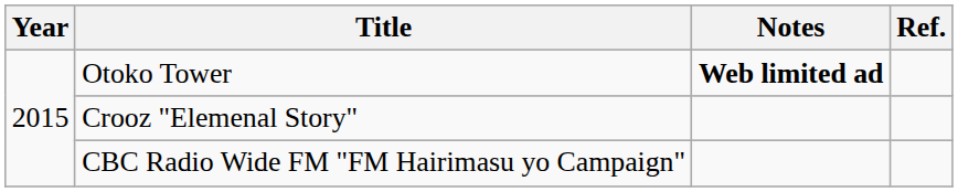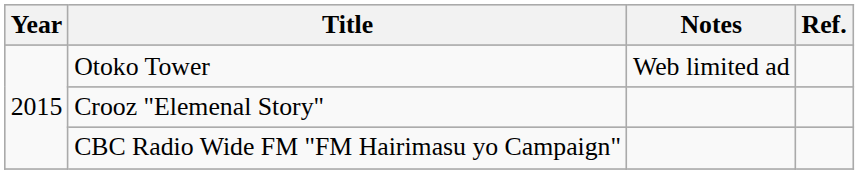 <table class="wikitable">
 <tr>
 <th>Year</th>
 <th>Title</th>
 <th>Notes</th>
 <th>Ref.</th>
 </tr>
 <tr>
 <td rowspan="3">2015</td>
 <td>Otoko Tower</td>
-<td><strong>Web limited ad</strong></td>
+<td>Web limited ad</td>
 <td></td>
 </tr>
 <tr>
 <td>Crooz "Elemenal Story"</td>
 <td></td>
 <td></td>
 </tr>
 <tr>
 <td>CBC Radio Wide FM "FM Hairimasu yo Campaign"</td>
 <td></td>
 <td></td>
 </tr>
 </table>
